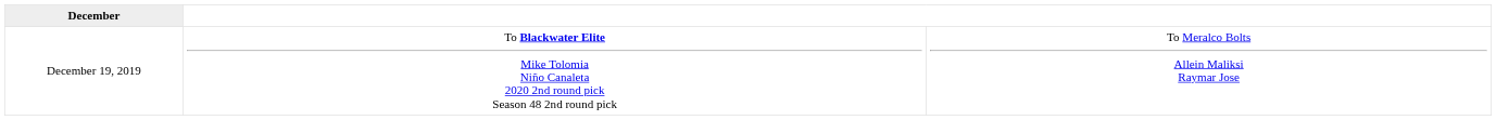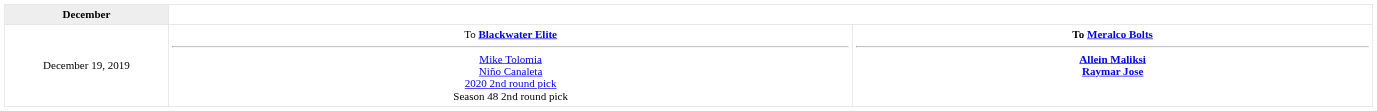 <table border=1 style="border-collapse:collapse; text-align: center; width: 100%" bordercolor="#DFDFDF"  cellpadding="5">
 <tr bgcolor="eeeeee">
 <th>December</th>
 </tr>
 <tr>
 <td style="width:12%" rowspan=1>December 19, 2019</td>
 <td style="width:50%" valign="top">To <strong><a href='#'>Blackwater Elite</a></strong><hr><a href='#'>Mike Tolomia</a><br><a href='#'>Niño Canaleta</a><br><a href='#'>2020 2nd round pick</a><br>Season 48 2nd round pick</td>
-<td style="width:50%" valign="top">To <a href='#'>Meralco Bolts</a><hr><a href='#'>Allein Maliksi</a><br><a href='#'>Raymar Jose</a></td>
+<td style="width:50%" valign="top"><strong>To <a href='#'>Meralco Bolts</a><hr><a href='#'>Allein Maliksi</a><br><a href='#'>Raymar Jose</a></strong></td>
 </tr>
 </table>
